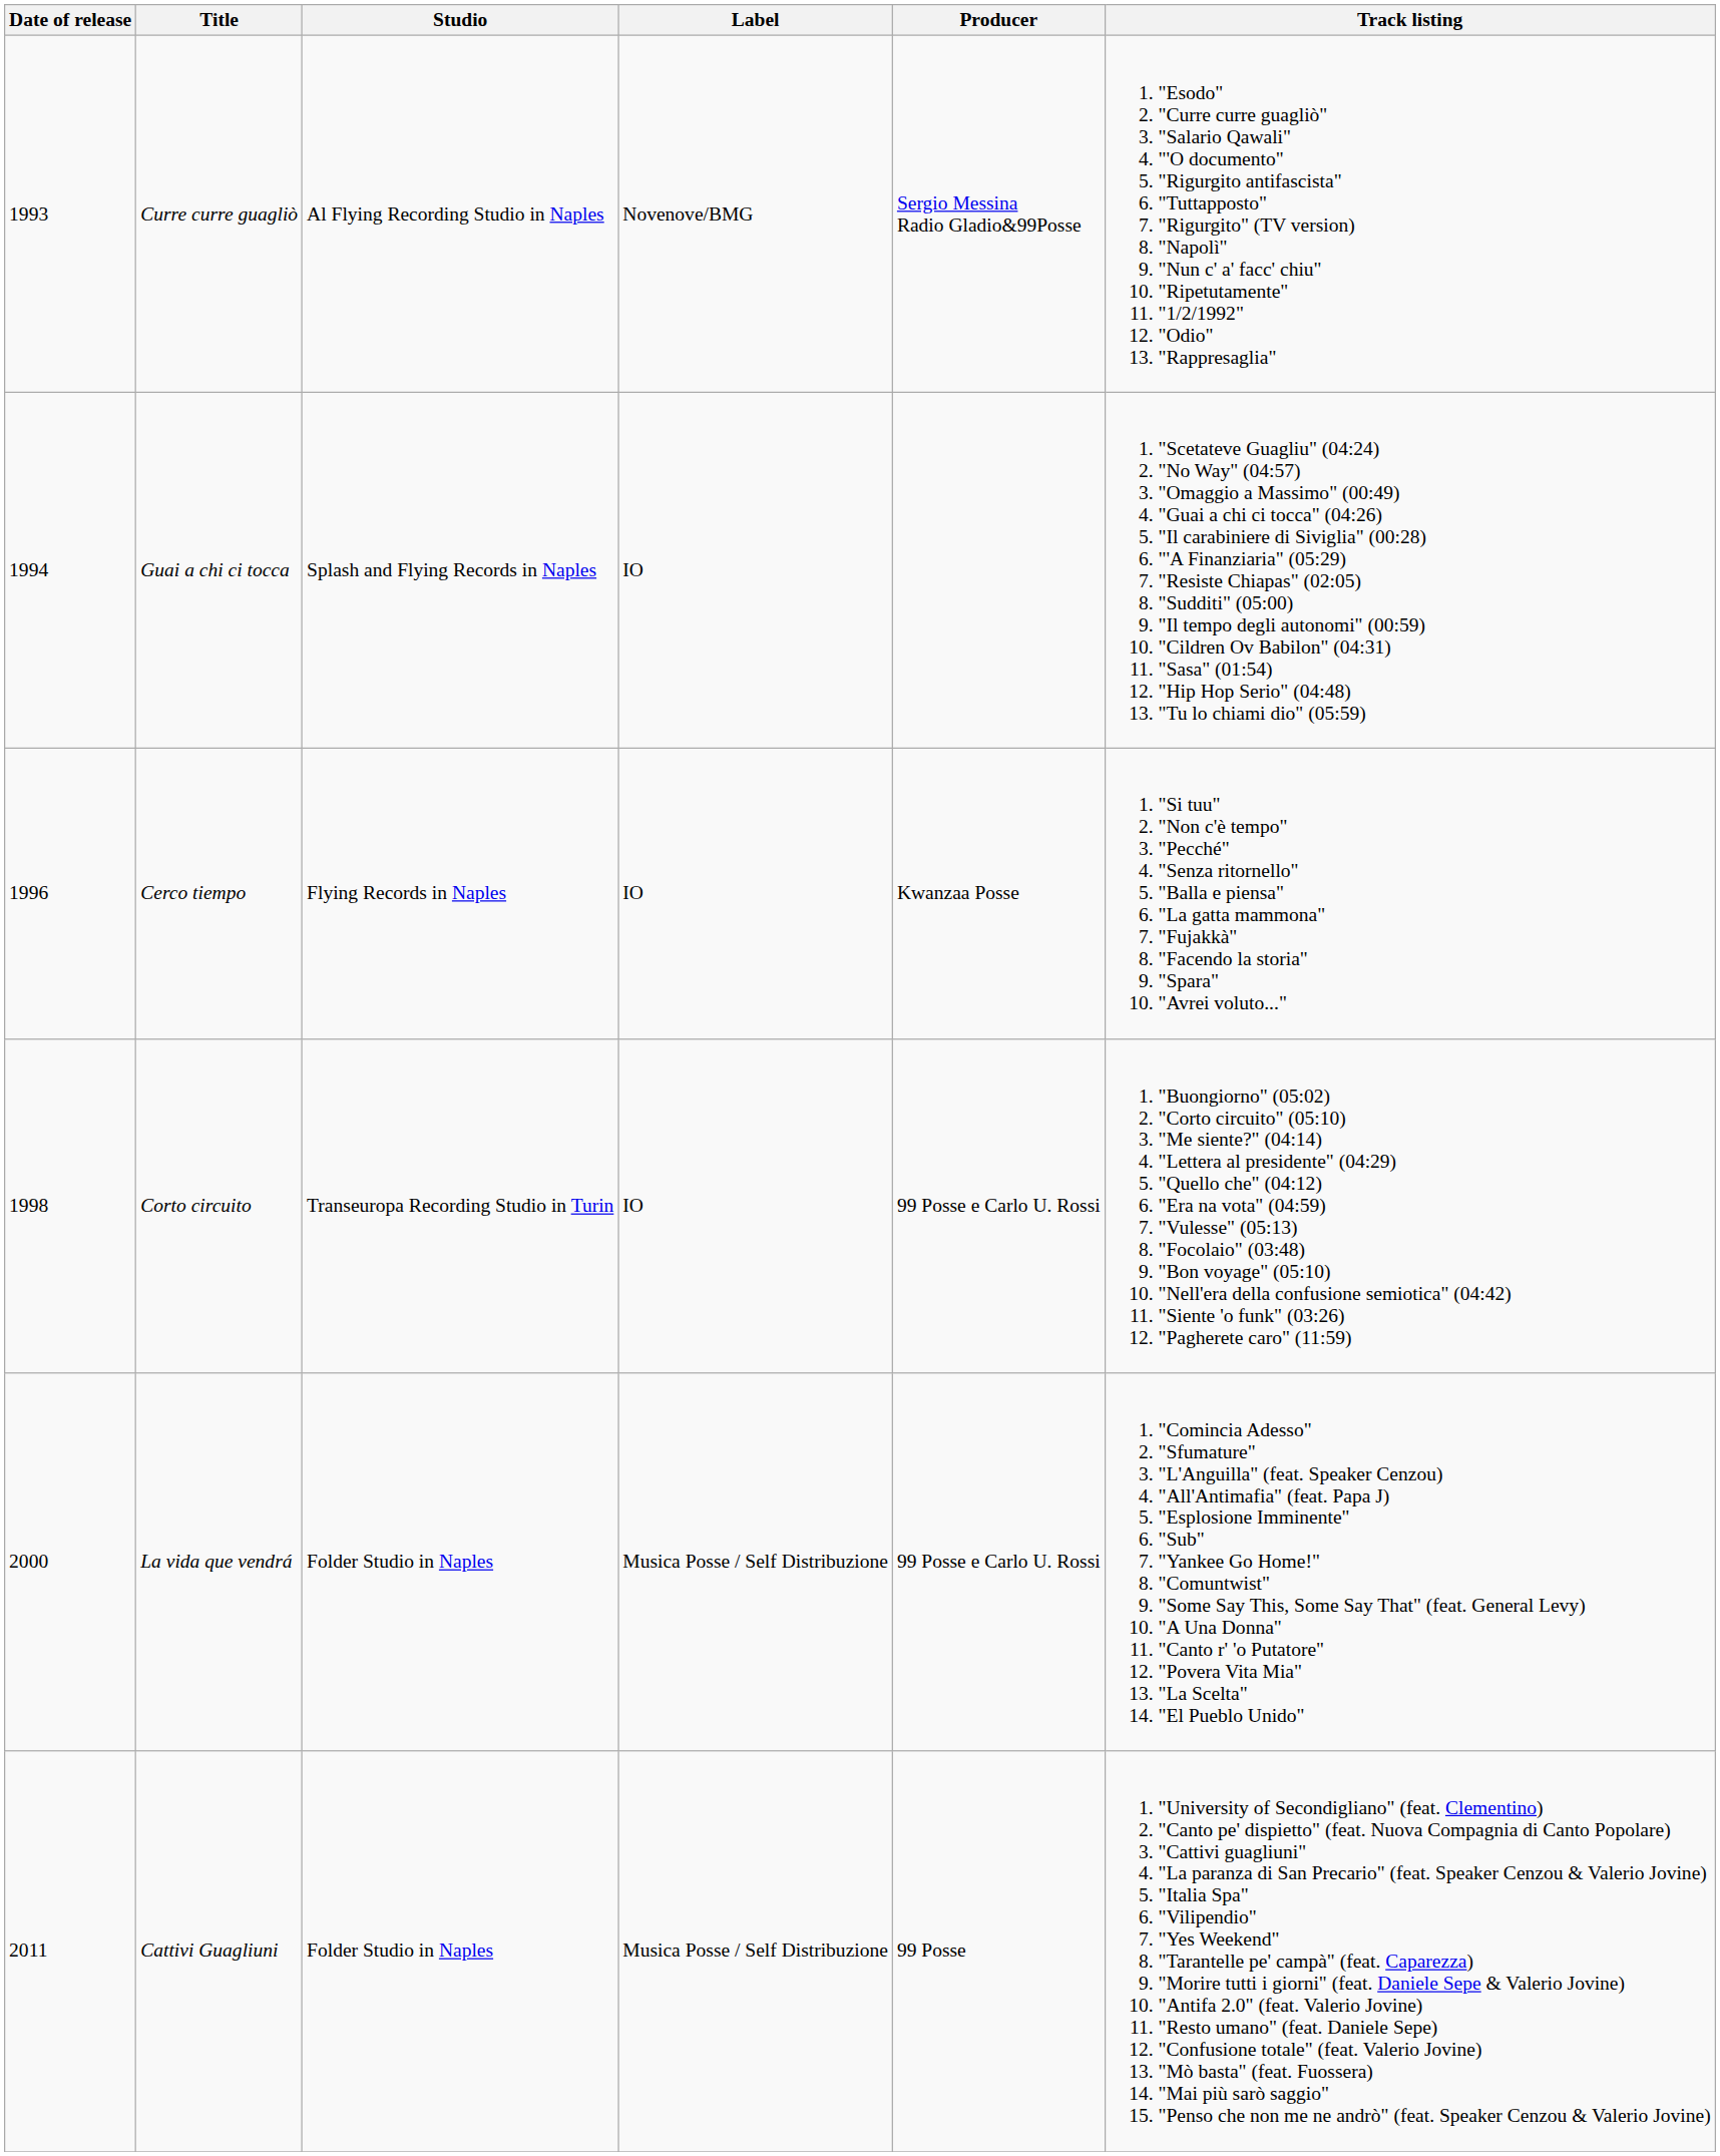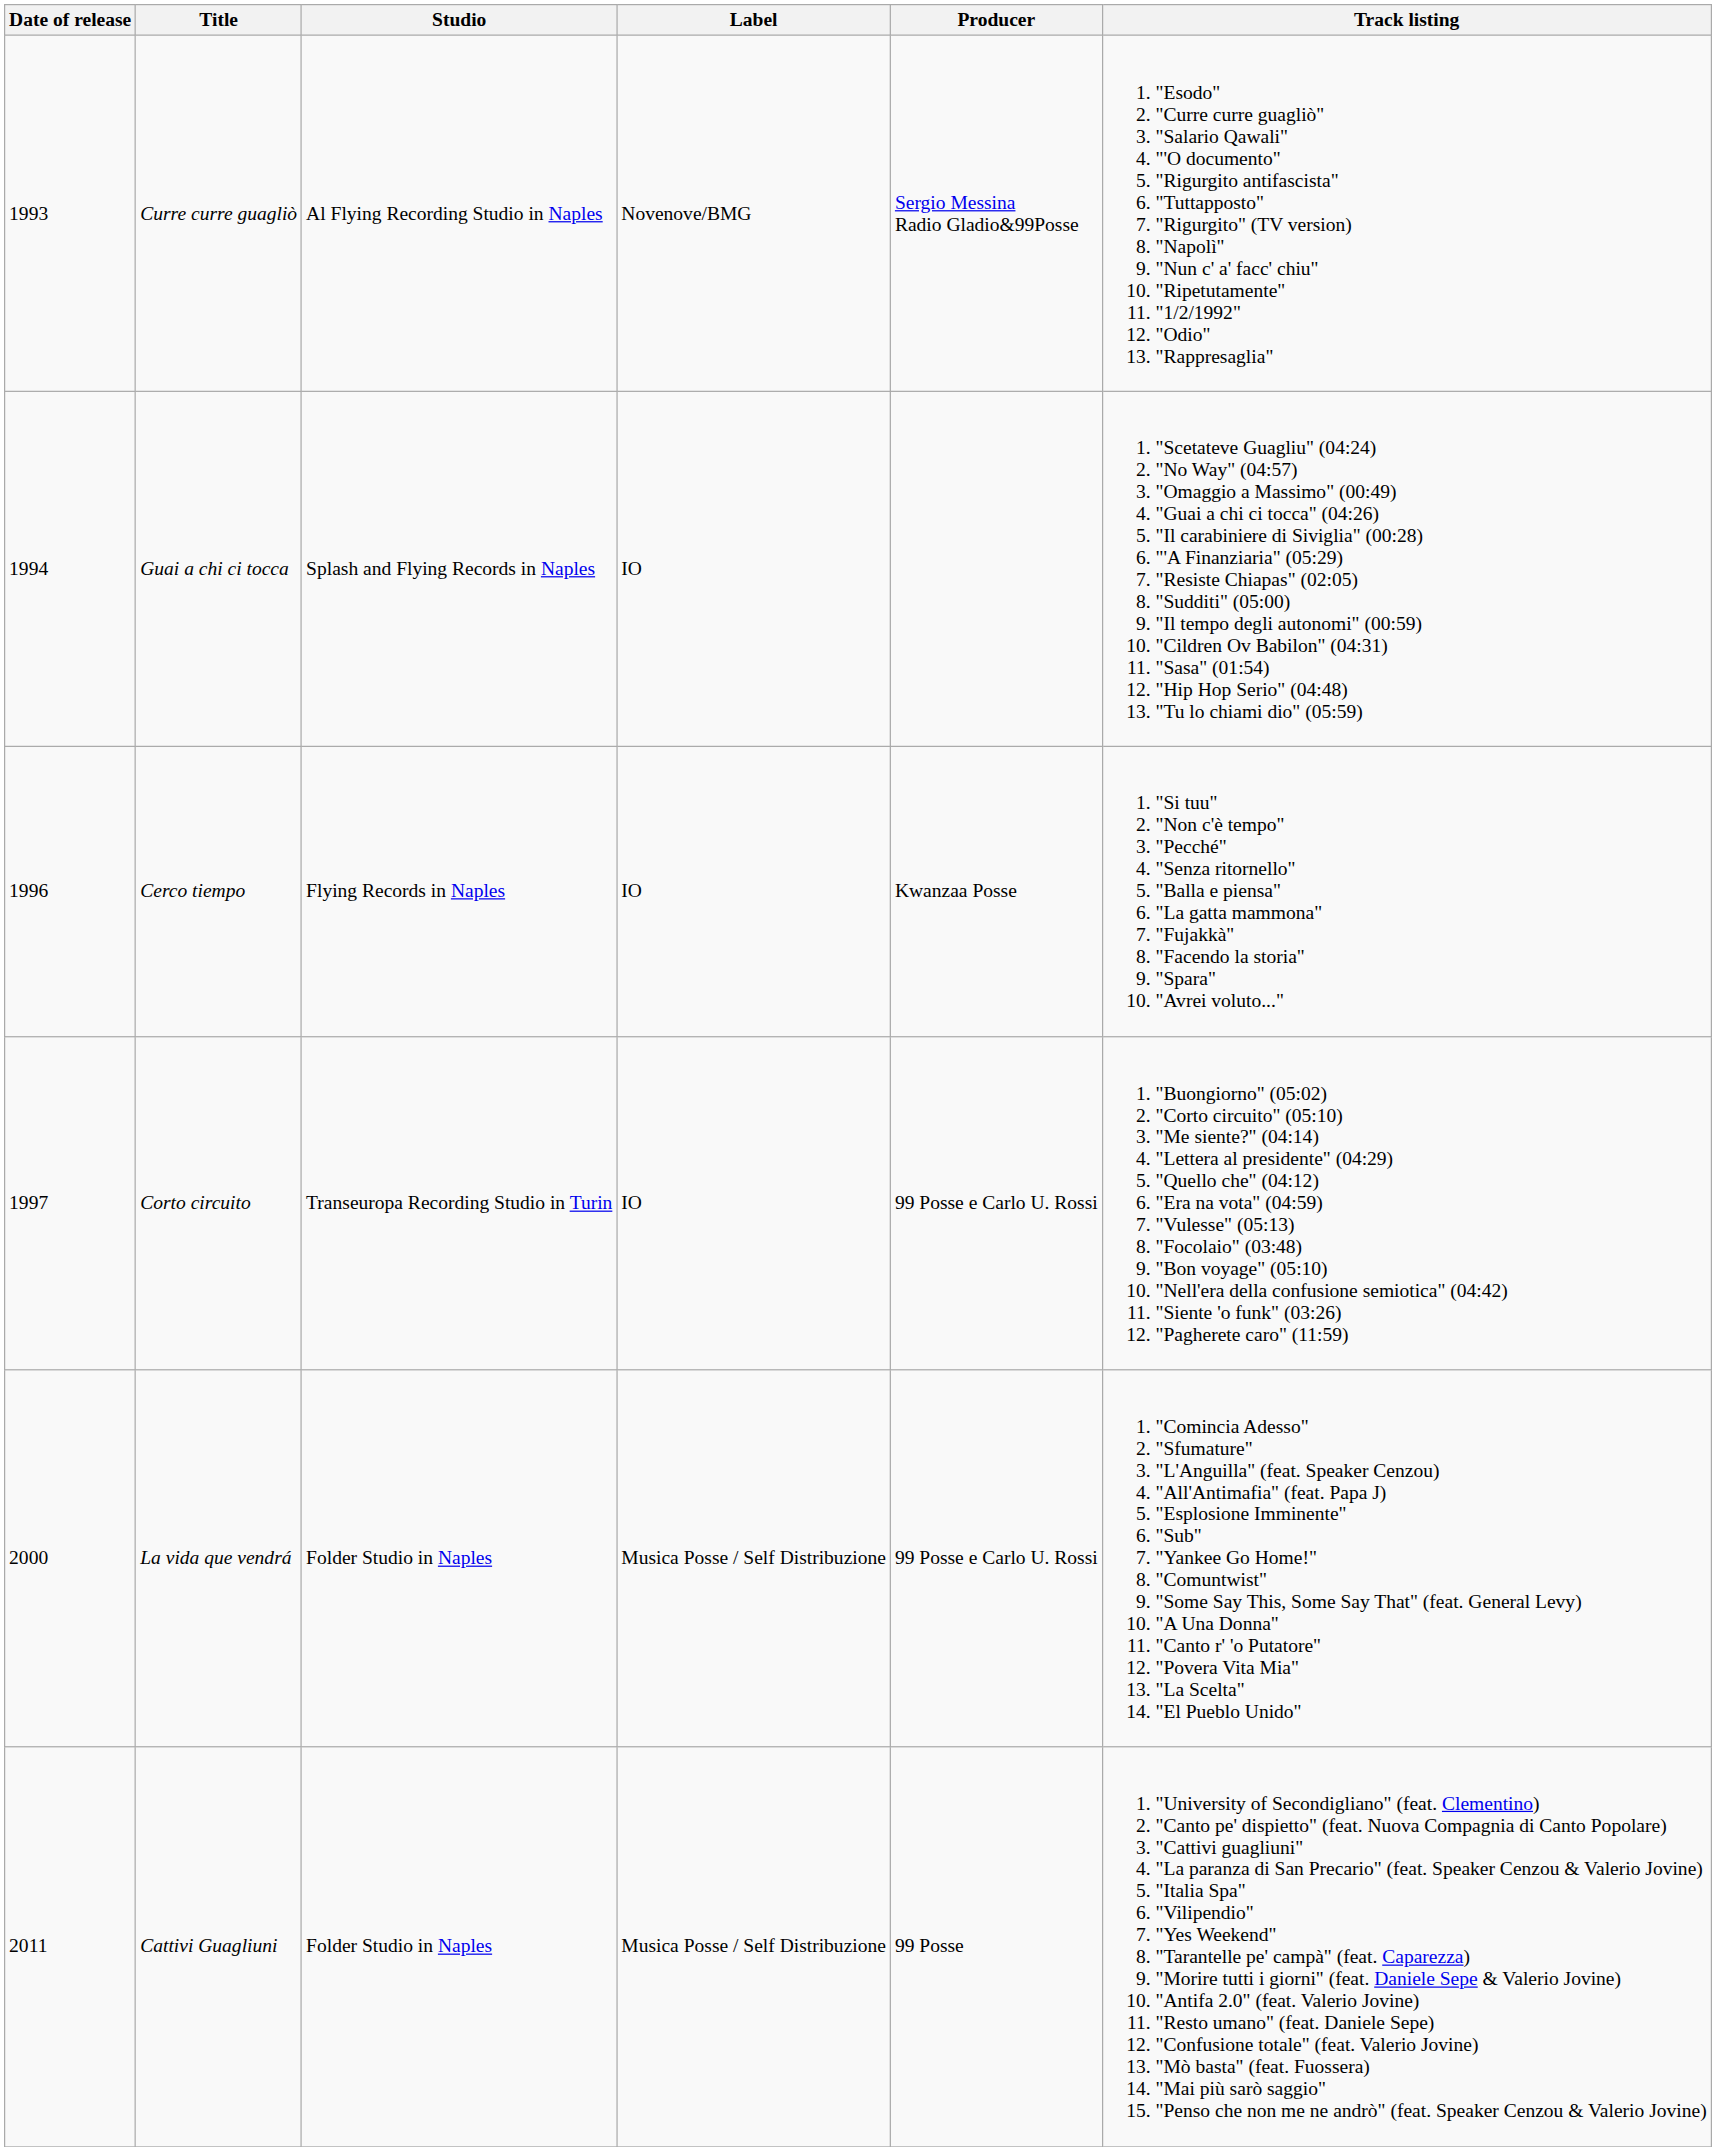 <table class="wikitable sortable">
 <tr>
 <th>Date of release</th>
 <th>Title</th>
 <th>Studio</th>
 <th>Label</th>
 <th>Producer</th>
 <th>Track listing</th>
 </tr>
 <tr>
 <td>1993</td>
 <td><em>Curre curre guagliò</em></td>
 <td>Al Flying Recording Studio in <a href='#'>Naples</a></td>
 <td>Novenove/BMG</td>
 <td><a href='#'>Sergio Messina</a><br>Radio Gladio&99Posse</td>
 <td><br><ol><li>"Esodo"</li><li>"Curre curre guagliò"</li><li>"Salario Qawali"</li><li>"'O documento"</li><li>"Rigurgito antifascista"</li><li>"Tuttapposto"</li><li>"Rigurgito" (TV version)</li><li>"Napolì"</li><li>"Nun c' a' facc' chiu"</li><li>"Ripetutamente"</li><li>"1/2/1992"</li><li>"Odio"</li><li>"Rappresaglia"</li></ol></td>
 </tr>
 <tr>
 <td>1994</td>
 <td><em>Guai a chi ci tocca</em></td>
 <td>Splash and Flying Records in <a href='#'>Naples</a></td>
 <td>IO</td>
 <td></td>
 <td><br><ol><li>"Scetateve Guagliu" (04:24)</li><li>"No Way" (04:57)</li><li>"Omaggio a Massimo" (00:49)</li><li>"Guai a chi ci tocca" (04:26)</li><li>"Il carabiniere di Siviglia" (00:28)</li><li>"'A Finanziaria" (05:29)</li><li>"Resiste Chiapas" (02:05)</li><li>"Sudditi" (05:00)</li><li>"Il tempo degli autonomi" (00:59)</li><li>"Cildren Ov Babilon" (04:31)</li><li>"Sasa" (01:54)</li><li>"Hip Hop Serio" (04:48)</li><li>"Tu lo chiami dio" (05:59)</li></ol></td>
 </tr>
 <tr>
 <td>1996</td>
 <td><em>Cerco tiempo</em></td>
 <td>Flying Records in <a href='#'>Naples</a></td>
 <td>IO</td>
 <td>Kwanzaa Posse</td>
 <td><br><ol><li>"Si tuu"</li><li>"Non c'è tempo"</li><li>"Pecché"</li><li>"Senza ritornello"</li><li>"Balla e piensa"</li><li>"La gatta mammona"</li><li>"Fujakkà"</li><li>"Facendo la storia"</li><li>"Spara"</li><li>"Avrei voluto..."</li></ol></td>
 </tr>
 <tr>
-<td>1998</td>
+<td>1997</td>
 <td><em>Corto circuito</em></td>
 <td>Transeuropa Recording Studio in <a href='#'>Turin</a></td>
 <td>IO</td>
 <td>99 Posse e Carlo U. Rossi</td>
 <td><br><ol><li>"Buongiorno" (05:02)</li><li>"Corto circuito" (05:10)</li><li>"Me siente?" (04:14)</li><li>"Lettera al presidente" (04:29)</li><li>"Quello che" (04:12)</li><li>"Era na vota" (04:59)</li><li>"Vulesse" (05:13)</li><li>"Focolaio" (03:48)</li><li>"Bon voyage" (05:10)</li><li>"Nell'era della confusione semiotica" (04:42)</li><li>"Siente 'o funk" (03:26)</li><li>"Pagherete caro" (11:59)</li></ol></td>
 </tr>
 <tr>
 <td>2000</td>
 <td><em>La vida que vendrá</em></td>
 <td>Folder Studio in <a href='#'>Naples</a></td>
 <td>Musica Posse / Self Distribuzione</td>
 <td>99 Posse e Carlo U. Rossi</td>
 <td><br><ol><li>"Comincia Adesso"</li><li>"Sfumature"</li><li>"L'Anguilla" (feat. Speaker Cenzou)</li><li>"All'Antimafia" (feat. Papa J)</li><li>"Esplosione Imminente"</li><li>"Sub"</li><li>"Yankee Go Home!"</li><li>"Comuntwist"</li><li>"Some Say This, Some Say That" (feat. General Levy)</li><li>"A Una Donna"</li><li>"Canto r' 'o Putatore"</li><li>"Povera Vita Mia"</li><li>"La Scelta"</li><li>"El Pueblo Unido"</li></ol></td>
 </tr>
 <tr>
 <td>2011</td>
 <td><em>Cattivi Guagliuni</em></td>
 <td>Folder Studio in <a href='#'>Naples</a></td>
 <td>Musica Posse / Self Distribuzione</td>
 <td>99 Posse</td>
 <td><br><ol><li>"University of Secondigliano" (feat. <a href='#'>Clementino</a>)</li><li>"Canto pe' dispietto" (feat. Nuova Compagnia di Canto Popolare)</li><li>"Cattivi guagliuni"</li><li>"La paranza di San Precario" (feat. Speaker Cenzou & Valerio Jovine)</li><li>"Italia Spa"</li><li>"Vilipendio"</li><li>"Yes Weekend"</li><li>"Tarantelle pe' campà" (feat. <a href='#'>Caparezza</a>)</li><li>"Morire tutti i giorni" (feat. <a href='#'>Daniele Sepe</a> & Valerio Jovine)</li><li>"Antifa 2.0" (feat. Valerio Jovine)</li><li>"Resto umano" (feat. Daniele Sepe)</li><li>"Confusione totale" (feat. Valerio Jovine)</li><li>"Mò basta" (feat. Fuossera)</li><li>"Mai più sarò saggio"</li><li>"Penso che non me ne andrò" (feat. Speaker Cenzou & Valerio Jovine)</li></ol></td>
 </tr>
 </table>
